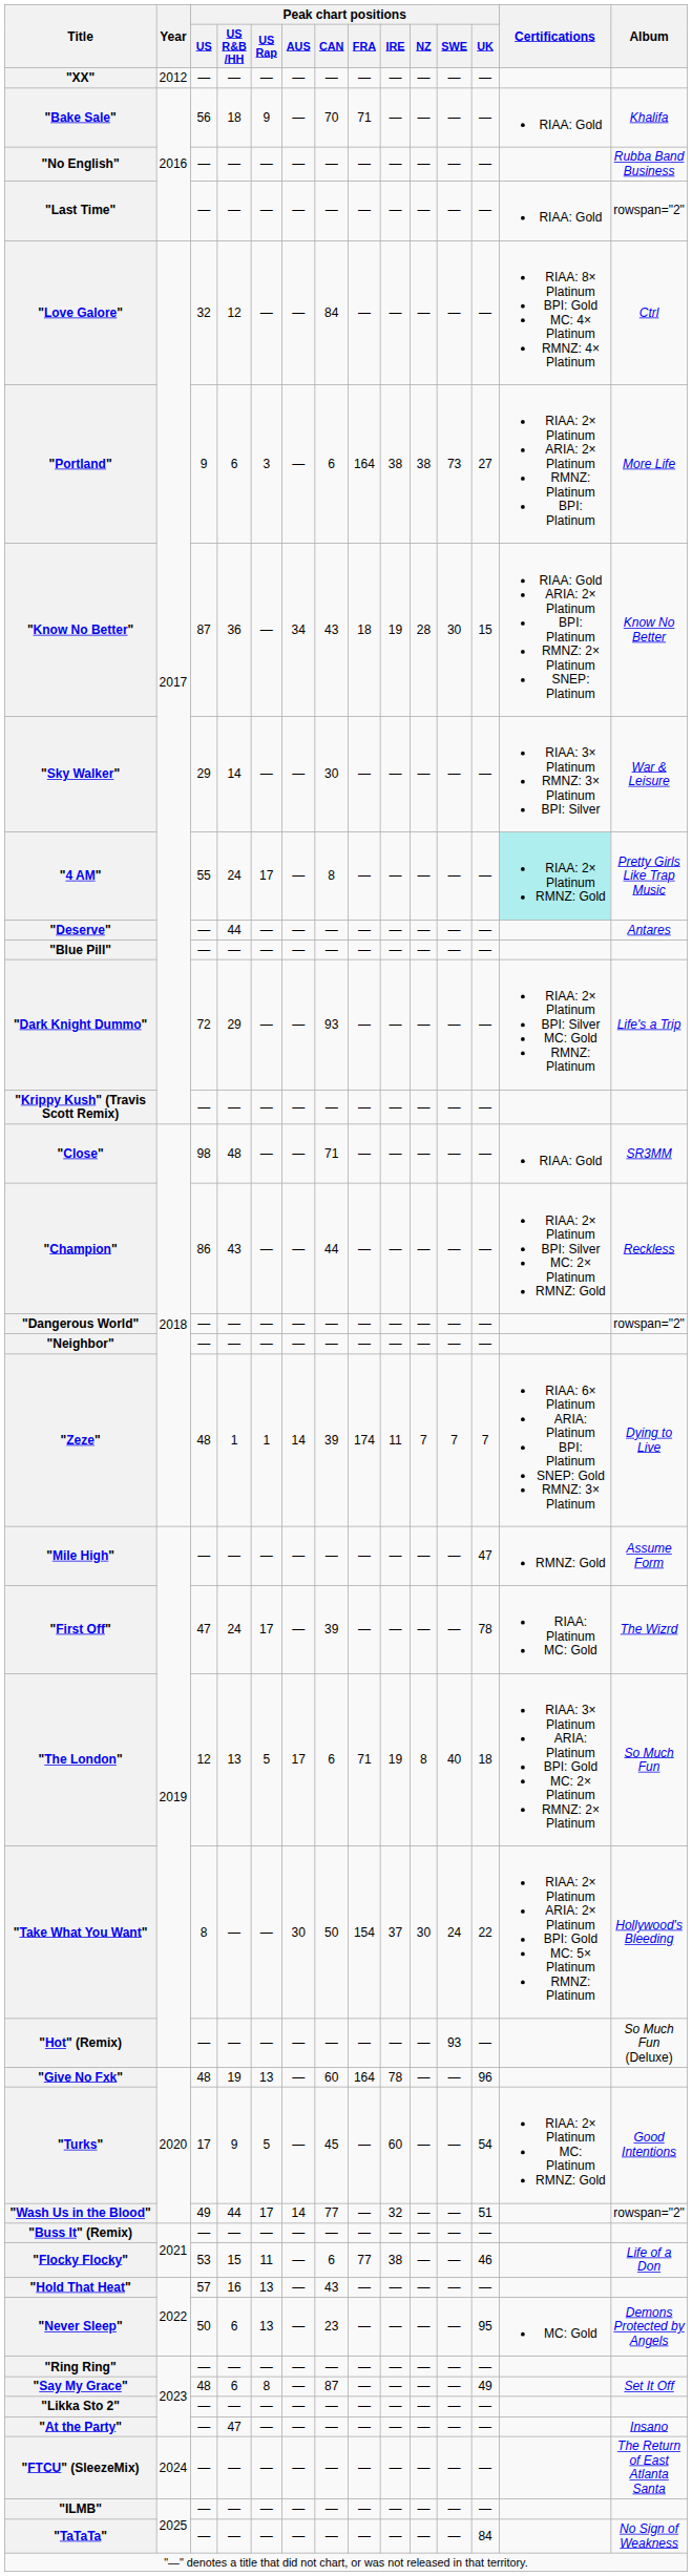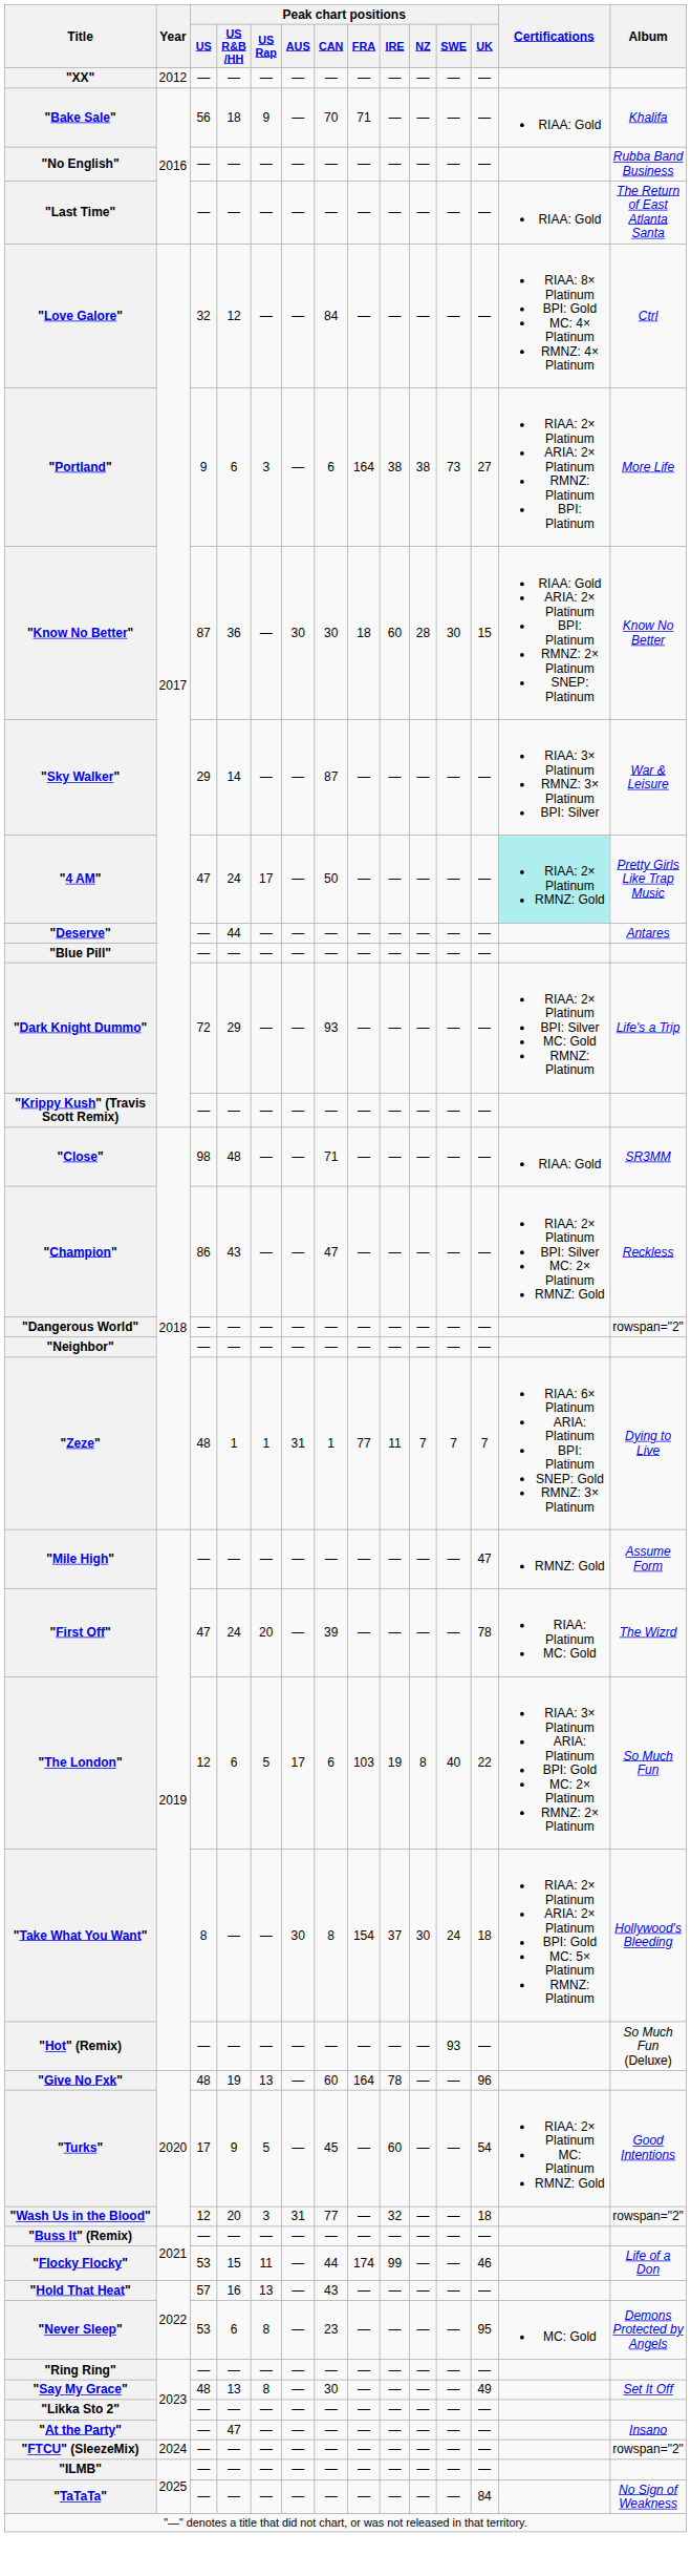 <table class="wikitable plainrowheaders" style="text-align:center;">
 <tr>
 <th scope="col" rowspan="2" style="width:22em;">Title</th>
 <th scope="col" rowspan="2" style="width:1em;">Year</th>
 <th scope="col" colspan="10">Peak chart positions</th>
 <th scope="col" rowspan="2" style="width:12em;"><a href='#'>Certifications</a></th>
 <th scope="col" rowspan="2">Album</th>
 </tr>
 <tr>
 <th scope="col" style="width:3em;font-size:90%;"><a href='#'>US</a><br></th>
 <th scope="col" style="width:3em;font-size:90%;"><a href='#'>US<br>R&B<br>/HH</a><br></th>
 <th scope="col" style="width:3em;font-size:90%;"><a href='#'>US Rap</a><br></th>
 <th scope="col" style="width:3em;font-size:90%;"><a href='#'>AUS</a><br></th>
 <th scope="col" style="width:3em;font-size:90%;"><a href='#'>CAN</a><br></th>
 <th scope="col" style="width:3em;font-size:90%;"><a href='#'>FRA</a><br></th>
 <th scope="col" style="width:3em;font-size:90%;"><a href='#'>IRE</a><br></th>
 <th scope="col" style="width:3em;font-size:90%;"><a href='#'>NZ</a><br></th>
 <th scope="col" style="width:3em;font-size:90%;"><a href='#'>SWE</a><br></th>
 <th scope="col" style="width:3em;font-size:90%;"><a href='#'>UK</a><br></th>
 </tr>
 <tr>
 <th scope="row">"XX"<br></th>
 <td>2012</td>
 <td>—</td>
 <td>—</td>
 <td>—</td>
 <td>—</td>
 <td>—</td>
 <td>—</td>
 <td>—</td>
 <td>—</td>
 <td>—</td>
 <td>—</td>
 <td></td>
 <td></td>
 </tr>
 <tr>
 <th scope="row">"<a href='#'>Bake Sale</a>"<br></th>
 <td rowspan="3">2016</td>
 <td>56</td>
 <td>18</td>
 <td>9</td>
 <td>—</td>
 <td>70</td>
 <td>71</td>
 <td>—</td>
 <td>—</td>
 <td>—</td>
 <td>—</td>
 <td><br><ul><li>RIAA: Gold</li></ul></td>
 <td><em><a href='#'>Khalifa</a></em></td>
 </tr>
 <tr>
 <th scope="row">"No English"<br></th>
 <td>—</td>
 <td>—</td>
 <td>—</td>
 <td>—</td>
 <td>—</td>
 <td>—</td>
 <td>—</td>
 <td>—</td>
 <td>—</td>
 <td>—</td>
 <td></td>
 <td><em><a href='#'>Rubba Band Business</a></em></td>
 </tr>
 <tr>
 <th scope="row">"Last Time"<br></th>
 <td>—</td>
 <td>—</td>
 <td>—</td>
 <td>—</td>
 <td>—</td>
 <td>—</td>
 <td>—</td>
 <td>—</td>
 <td>—</td>
 <td>—</td>
 <td><br><ul><li>RIAA: Gold</li></ul></td>
-<td>rowspan="2" </td>
+<td><em><a href='#'>The Return of East Atlanta Santa</a></em></td>
 </tr>
 <tr>
 <th scope="row">"<a href='#'>Love Galore</a>"<br></th>
 <td rowspan="9">2017</td>
 <td>32</td>
 <td>12</td>
 <td>—</td>
 <td>—</td>
 <td>84</td>
 <td>—</td>
 <td>—</td>
 <td>—</td>
 <td>—</td>
 <td>—</td>
 <td><br><ul><li>RIAA: 8× Platinum</li><li>BPI: Gold</li><li>MC: 4× Platinum</li><li>RMNZ: 4× Platinum</li></ul></td>
 <td><em><a href='#'>Ctrl</a></em></td>
 </tr>
 <tr>
 <th scope="row">"<a href='#'>Portland</a>"<br></th>
 <td>9</td>
 <td>6</td>
 <td>3</td>
 <td>—</td>
 <td>6</td>
 <td>164</td>
 <td>38</td>
 <td>38</td>
 <td>73</td>
 <td>27</td>
 <td><br><ul><li>RIAA: 2× Platinum</li><li>ARIA: 2× Platinum</li><li>RMNZ: Platinum</li><li>BPI: Platinum</li></ul></td>
 <td><em><a href='#'>More Life</a></em></td>
 </tr>
 <tr>
 <th scope="row">"<a href='#'>Know No Better</a>"<br></th>
 <td>87</td>
 <td>36</td>
 <td>—</td>
-<td>34</td>
-<td>43</td>
+<td>30</td>
+<td>30</td>
 <td>18</td>
-<td>19</td>
+<td>60</td>
 <td>28</td>
 <td>30</td>
 <td>15</td>
 <td><br><ul><li>RIAA: Gold</li><li>ARIA: 2× Platinum</li><li>BPI: Platinum</li><li>RMNZ: 2× Platinum</li><li>SNEP: Platinum</li></ul></td>
 <td><em><a href='#'>Know No Better</a></em></td>
 </tr>
 <tr>
 <th scope="row">"<a href='#'>Sky Walker</a>"<br></th>
 <td>29</td>
 <td>14</td>
 <td>—</td>
 <td>—</td>
-<td>30</td>
+<td>87</td>
 <td>—</td>
 <td>—</td>
 <td>—</td>
 <td>—</td>
 <td>—</td>
 <td><br><ul><li>RIAA: 3× Platinum</li><li>RMNZ: 3× Platinum</li><li>BPI: Silver</li></ul></td>
 <td><em><a href='#'>War & Leisure</a></em></td>
 </tr>
 <tr>
 <th scope="row">"<a href='#'>4 AM</a>"<br></th>
-<td>55</td>
+<td>47</td>
 <td>24</td>
 <td>17</td>
 <td>—</td>
-<td>8</td>
+<td>50</td>
 <td>—</td>
 <td>—</td>
 <td>—</td>
 <td>—</td>
 <td>—</td>
 <td style="background: paleturquoise;"><br><ul><li>RIAA: 2× Platinum</li><li>RMNZ: Gold</li></ul></td>
 <td><em><a href='#'>Pretty Girls Like Trap Music</a></em></td>
 </tr>
 <tr>
 <th scope="row">"<a href='#'>Deserve</a>"<br></th>
 <td>—</td>
 <td>44</td>
 <td>—</td>
 <td>—</td>
 <td>—</td>
 <td>—</td>
 <td>—</td>
 <td>—</td>
 <td>—</td>
 <td>—</td>
 <td></td>
 <td><em><a href='#'>Antares</a></em></td>
 </tr>
 <tr>
 <th scope="row">"Blue Pill"<br></th>
 <td>—</td>
 <td>—</td>
 <td>—</td>
 <td>—</td>
 <td>—</td>
 <td>—</td>
 <td>—</td>
 <td>—</td>
 <td>—</td>
 <td>—</td>
 <td></td>
 <td></td>
 </tr>
 <tr>
 <th scope="row">"<a href='#'>Dark Knight Dummo</a>"<br></th>
 <td>72</td>
 <td>29</td>
 <td>—</td>
 <td>—</td>
 <td>93</td>
 <td>—</td>
 <td>—</td>
 <td>—</td>
 <td>—</td>
 <td>—</td>
 <td><br><ul><li>RIAA: 2× Platinum</li><li>BPI: Silver</li><li>MC: Gold</li><li>RMNZ: Platinum</li></ul></td>
 <td><em><a href='#'>Life's a Trip</a></em></td>
 </tr>
 <tr>
 <th scope="row">"<a href='#'>Krippy Kush</a>" (Travis Scott Remix)<br></th>
 <td>—</td>
 <td>—</td>
 <td>—</td>
 <td>—</td>
 <td>—</td>
 <td>—</td>
 <td>—</td>
 <td>—</td>
 <td>—</td>
 <td>—</td>
 <td></td>
 <td></td>
 </tr>
 <tr>
 <th scope="row">"<a href='#'>Close</a>"<br></th>
 <td rowspan="5">2018</td>
 <td>98</td>
 <td>48</td>
 <td>—</td>
 <td>—</td>
 <td>71</td>
 <td>—</td>
 <td>—</td>
 <td>—</td>
 <td>—</td>
 <td>—</td>
 <td><br><ul><li>RIAA: Gold</li></ul></td>
 <td><em><a href='#'>SR3MM</a></em></td>
 </tr>
 <tr>
 <th scope="row">"<a href='#'>Champion</a>"<br></th>
 <td>86</td>
 <td>43</td>
 <td>—</td>
 <td>—</td>
-<td>44</td>
+<td>47</td>
 <td>—</td>
 <td>—</td>
 <td>—</td>
 <td>—</td>
 <td>—</td>
 <td><br><ul><li>RIAA: 2× Platinum</li><li>BPI: Silver</li><li>MC: 2× Platinum</li><li>RMNZ: Gold</li></ul></td>
 <td><em><a href='#'>Reckless</a></em></td>
 </tr>
 <tr>
 <th scope="row">"Dangerous World"<br></th>
 <td>—</td>
 <td>—</td>
 <td>—</td>
 <td>—</td>
 <td>—</td>
 <td>—</td>
 <td>—</td>
 <td>—</td>
 <td>—</td>
 <td>—</td>
 <td></td>
 <td>rowspan="2" </td>
 </tr>
 <tr>
 <th scope="row">"Neighbor"<br></th>
 <td>—</td>
 <td>—</td>
 <td>—</td>
 <td>—</td>
 <td>—</td>
 <td>—</td>
 <td>—</td>
 <td>—</td>
 <td>—</td>
 <td>—</td>
 <td></td>
 </tr>
 <tr>
 <th scope="row">"<a href='#'>Zeze</a>"<br></th>
 <td>48</td>
 <td>1</td>
 <td>1</td>
-<td>14</td>
-<td>39</td>
-<td>174</td>
+<td>31</td>
+<td>1</td>
+<td>77</td>
 <td>11</td>
 <td>7</td>
 <td>7</td>
 <td>7</td>
 <td><br><ul><li>RIAA: 6× Platinum</li><li>ARIA: Platinum</li><li>BPI: Platinum</li><li>SNEP: Gold</li><li>RMNZ: 3× Platinum</li></ul></td>
 <td><em><a href='#'>Dying to Live</a></em></td>
 </tr>
 <tr>
 <th scope="row">"<a href='#'>Mile High</a>"<br></th>
 <td rowspan="5">2019</td>
 <td>—</td>
 <td>—</td>
 <td>—</td>
 <td>—</td>
 <td>—</td>
 <td>—</td>
 <td>—</td>
 <td>—</td>
 <td>—</td>
 <td>47</td>
 <td><br><ul><li>RMNZ: Gold</li></ul></td>
 <td><em><a href='#'>Assume Form</a></em></td>
 </tr>
 <tr>
 <th scope="row">"<a href='#'>First Off</a>"<br></th>
 <td>47</td>
 <td>24</td>
-<td>17</td>
+<td>20</td>
 <td>—</td>
 <td>39</td>
 <td>—</td>
 <td>—</td>
 <td>—</td>
 <td>—</td>
 <td>78</td>
 <td><br><ul><li>RIAA: Platinum</li><li>MC: Gold</li></ul></td>
 <td><em><a href='#'>The Wizrd</a></em></td>
 </tr>
 <tr>
 <th scope="row">"<a href='#'>The London</a>"<br></th>
 <td>12</td>
-<td>13</td>
+<td>6</td>
 <td>5</td>
 <td>17</td>
 <td>6</td>
-<td>71</td>
+<td>103</td>
 <td>19</td>
 <td>8</td>
 <td>40</td>
-<td>18</td>
+<td>22</td>
 <td><br><ul><li>RIAA: 3× Platinum</li><li>ARIA: Platinum</li><li>BPI: Gold</li><li>MC: 2× Platinum</li><li>RMNZ: 2× Platinum</li></ul></td>
 <td><em><a href='#'>So Much Fun</a></em></td>
 </tr>
 <tr>
 <th scope="row">"<a href='#'>Take What You Want</a>"<br></th>
 <td>8</td>
 <td>—</td>
 <td>—</td>
 <td>30</td>
-<td>50</td>
+<td>8</td>
 <td>154</td>
 <td>37</td>
 <td>30</td>
 <td>24</td>
-<td>22</td>
+<td>18</td>
 <td><br><ul><li>RIAA: 2× Platinum</li><li>ARIA: 2× Platinum</li><li>BPI: Gold</li><li>MC: 5× Platinum</li><li>RMNZ: Platinum</li></ul></td>
 <td><em><a href='#'>Hollywood's Bleeding</a></em></td>
 </tr>
 <tr>
 <th scope="row">"<a href='#'>Hot</a>" (Remix)<br></th>
 <td>—</td>
 <td>—</td>
 <td>—</td>
 <td>—</td>
 <td>—</td>
 <td>—</td>
 <td>—</td>
 <td>—</td>
 <td>93</td>
 <td>—</td>
 <td></td>
 <td><em>So Much Fun</em> (Deluxe)</td>
 </tr>
 <tr>
 <th scope="row">"<a href='#'>Give No Fxk</a>"<br></th>
 <td rowspan="3">2020</td>
 <td>48</td>
 <td>19</td>
 <td>13</td>
 <td>—</td>
 <td>60</td>
 <td>164</td>
 <td>78</td>
 <td>—</td>
 <td>—</td>
 <td>96</td>
 <td></td>
 <td></td>
 </tr>
 <tr>
 <th scope="row">"<a href='#'>Turks</a>"<br></th>
 <td>17</td>
 <td>9</td>
 <td>5</td>
 <td>—</td>
 <td>45</td>
 <td>—</td>
 <td>60</td>
 <td>—</td>
 <td>—</td>
 <td>54</td>
 <td><br><ul><li>RIAA: 2× Platinum</li><li>MC: Platinum</li><li>RMNZ: Gold</li></ul></td>
 <td><em><a href='#'>Good Intentions</a></em></td>
 </tr>
 <tr>
 <th scope="row">"<a href='#'>Wash Us in the Blood</a>"<br></th>
-<td>49</td>
-<td>44</td>
-<td>17</td>
-<td>14</td>
+<td>12</td>
+<td>20</td>
+<td>3</td>
+<td>31</td>
 <td>77</td>
 <td>—</td>
 <td>32</td>
 <td>—</td>
 <td>—</td>
-<td>51</td>
+<td>18</td>
 <td></td>
 <td>rowspan="2" </td>
 </tr>
 <tr>
 <th scope="row">"<a href='#'>Buss It</a>" (Remix)<br></th>
 <td rowspan="2">2021</td>
 <td>—</td>
 <td>—</td>
 <td>—</td>
 <td>—</td>
 <td>—</td>
 <td>—</td>
 <td>—</td>
 <td>—</td>
 <td>—</td>
 <td>—</td>
 <td></td>
 </tr>
 <tr>
 <th scope="row">"<a href='#'>Flocky Flocky</a>"<br></th>
 <td>53</td>
 <td>15</td>
 <td>11</td>
 <td>—</td>
-<td>6</td>
-<td>77</td>
-<td>38</td>
+<td>44</td>
+<td>174</td>
+<td>99</td>
 <td>—</td>
 <td>—</td>
 <td>46</td>
 <td></td>
 <td><em><a href='#'>Life of a Don</a></em></td>
 </tr>
 <tr>
 <th scope="row">"<a href='#'>Hold That Heat</a>"<br></th>
 <td rowspan="2">2022</td>
 <td>57</td>
 <td>16</td>
 <td>13</td>
 <td>—</td>
 <td>43</td>
 <td>—</td>
 <td>—</td>
 <td>—</td>
 <td>—</td>
 <td>—</td>
 <td></td>
 <td></td>
 </tr>
 <tr>
 <th scope="row">"<a href='#'>Never Sleep</a>"<br></th>
-<td>50</td>
+<td>53</td>
 <td>6</td>
-<td>13</td>
+<td>8</td>
 <td>—</td>
 <td>23</td>
 <td>—</td>
 <td>—</td>
 <td>—</td>
 <td>—</td>
 <td>95</td>
 <td><br><ul><li>MC: Gold</li></ul></td>
 <td><em><a href='#'>Demons Protected by Angels</a></em></td>
 </tr>
 <tr>
 <th scope="row">"Ring Ring"<br></th>
 <td rowspan="4">2023</td>
 <td>—</td>
 <td>—</td>
 <td>—</td>
 <td>—</td>
 <td>—</td>
 <td>—</td>
 <td>—</td>
 <td>—</td>
 <td>—</td>
 <td>—</td>
 <td></td>
 <td></td>
 </tr>
 <tr>
 <th scope="row">"<a href='#'>Say My Grace</a>"<br></th>
 <td>48</td>
-<td>6</td>
+<td>13</td>
 <td>8</td>
 <td>—</td>
-<td>87</td>
+<td>30</td>
 <td>—</td>
 <td>—</td>
 <td>—</td>
 <td>—</td>
 <td>49</td>
 <td></td>
 <td><em><a href='#'>Set It Off</a></em></td>
 </tr>
 <tr>
 <th scope="row">"Likka Sto 2"<br></th>
 <td>—</td>
 <td>—</td>
 <td>—</td>
 <td>—</td>
 <td>—</td>
 <td>—</td>
 <td>—</td>
 <td>—</td>
 <td>—</td>
 <td>—</td>
 <td></td>
 <td></td>
 </tr>
 <tr>
 <th scope="row">"<a href='#'>At the Party</a>"<br></th>
 <td>—</td>
 <td>47</td>
 <td>—</td>
 <td>—</td>
 <td>—</td>
 <td>—</td>
 <td>—</td>
 <td>—</td>
 <td>—</td>
 <td>—</td>
 <td></td>
 <td><em><a href='#'>Insano</a></em></td>
 </tr>
 <tr>
 <th scope="row">"<a href='#'>FTCU</a>" (SleezeMix)<br></th>
 <td>2024</td>
 <td>—</td>
 <td>—</td>
 <td>—</td>
 <td>—</td>
 <td>—</td>
 <td>—</td>
 <td>—</td>
 <td>—</td>
 <td>—</td>
 <td>—</td>
 <td></td>
-<td><em><a href='#'>The Return of East Atlanta Santa</a></em></td>
+<td>rowspan="2" </td>
 </tr>
 <tr>
 <th scope="row">"ILMB"<br></th>
 <td rowspan="2">2025</td>
 <td>—</td>
 <td>—</td>
 <td>—</td>
 <td>—</td>
 <td>—</td>
 <td>—</td>
 <td>—</td>
 <td>—</td>
 <td>—</td>
 <td>—</td>
 <td></td>
 </tr>
 <tr>
 <th scope="row">"<a href='#'>TaTaTa</a>"<br></th>
 <td>—</td>
 <td>—</td>
 <td>—</td>
 <td>—</td>
 <td>—</td>
 <td>—</td>
 <td>—</td>
 <td>—</td>
 <td>—</td>
 <td>84</td>
 <td></td>
 <td><em><a href='#'>No Sign of Weakness</a></em></td>
 </tr>
 <tr>
 <td colspan="15" style="font-size:90%">"—" denotes a title that did not chart, or was not released in that territory.</td>
 </tr>
 </table>
